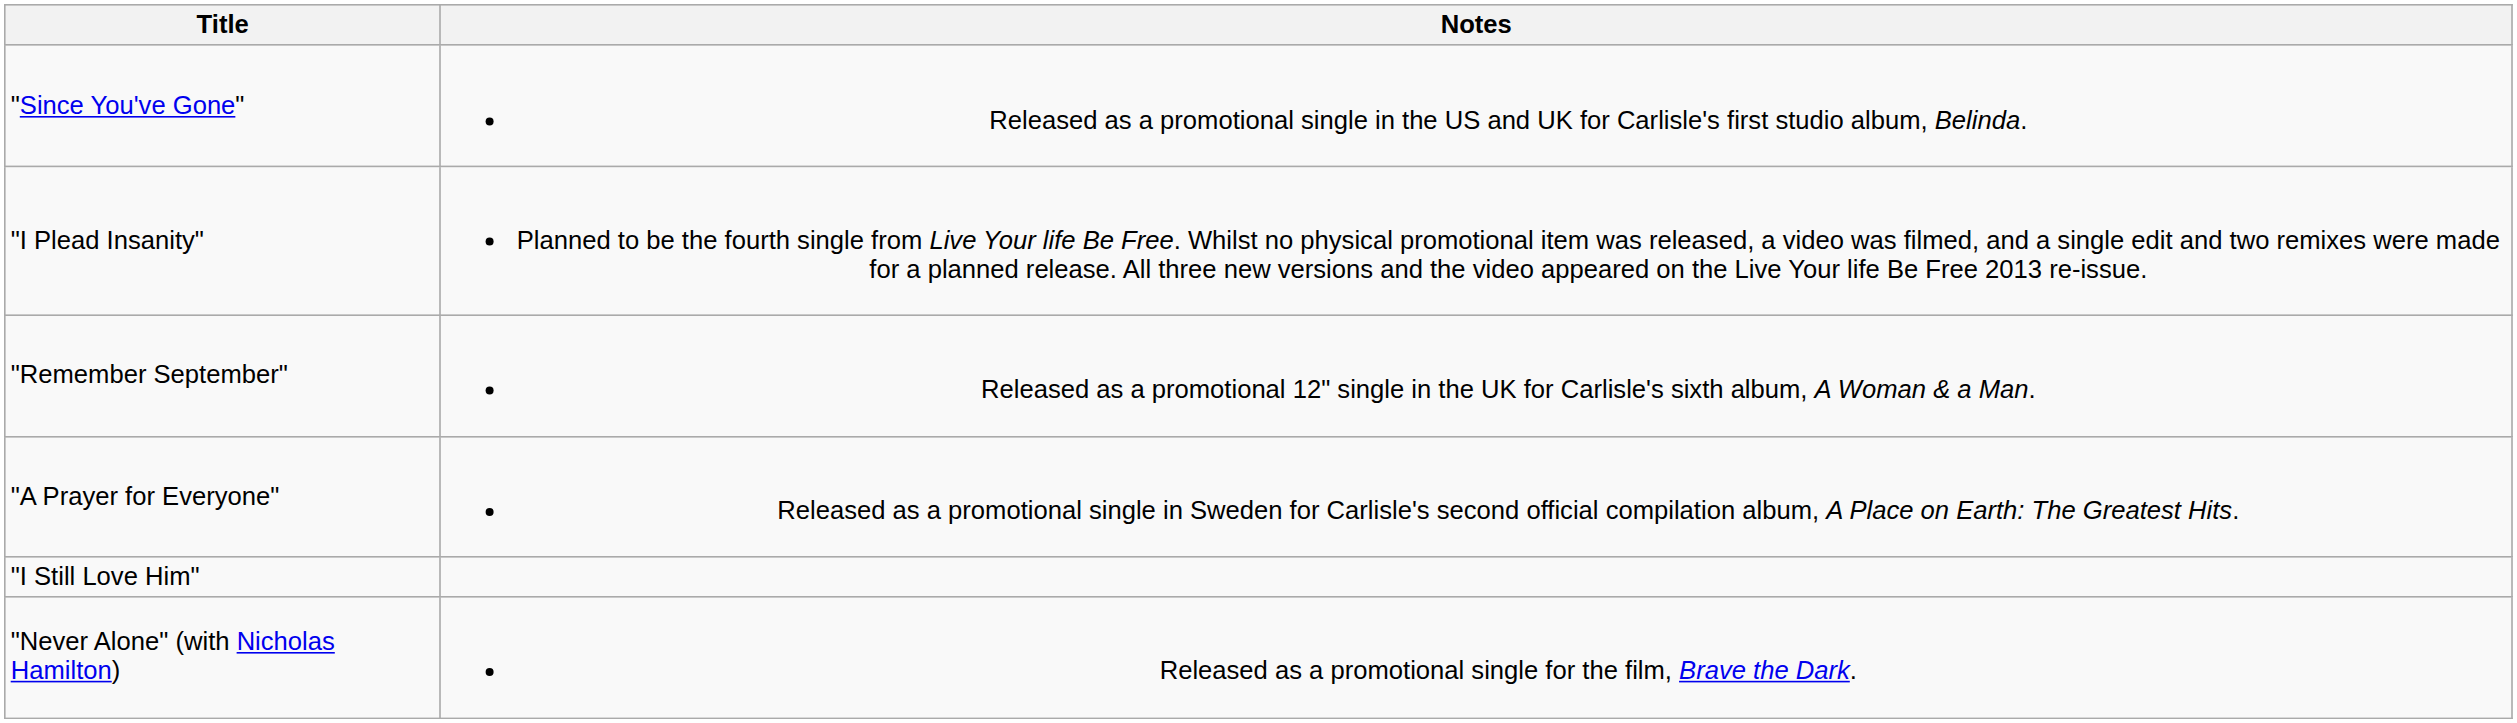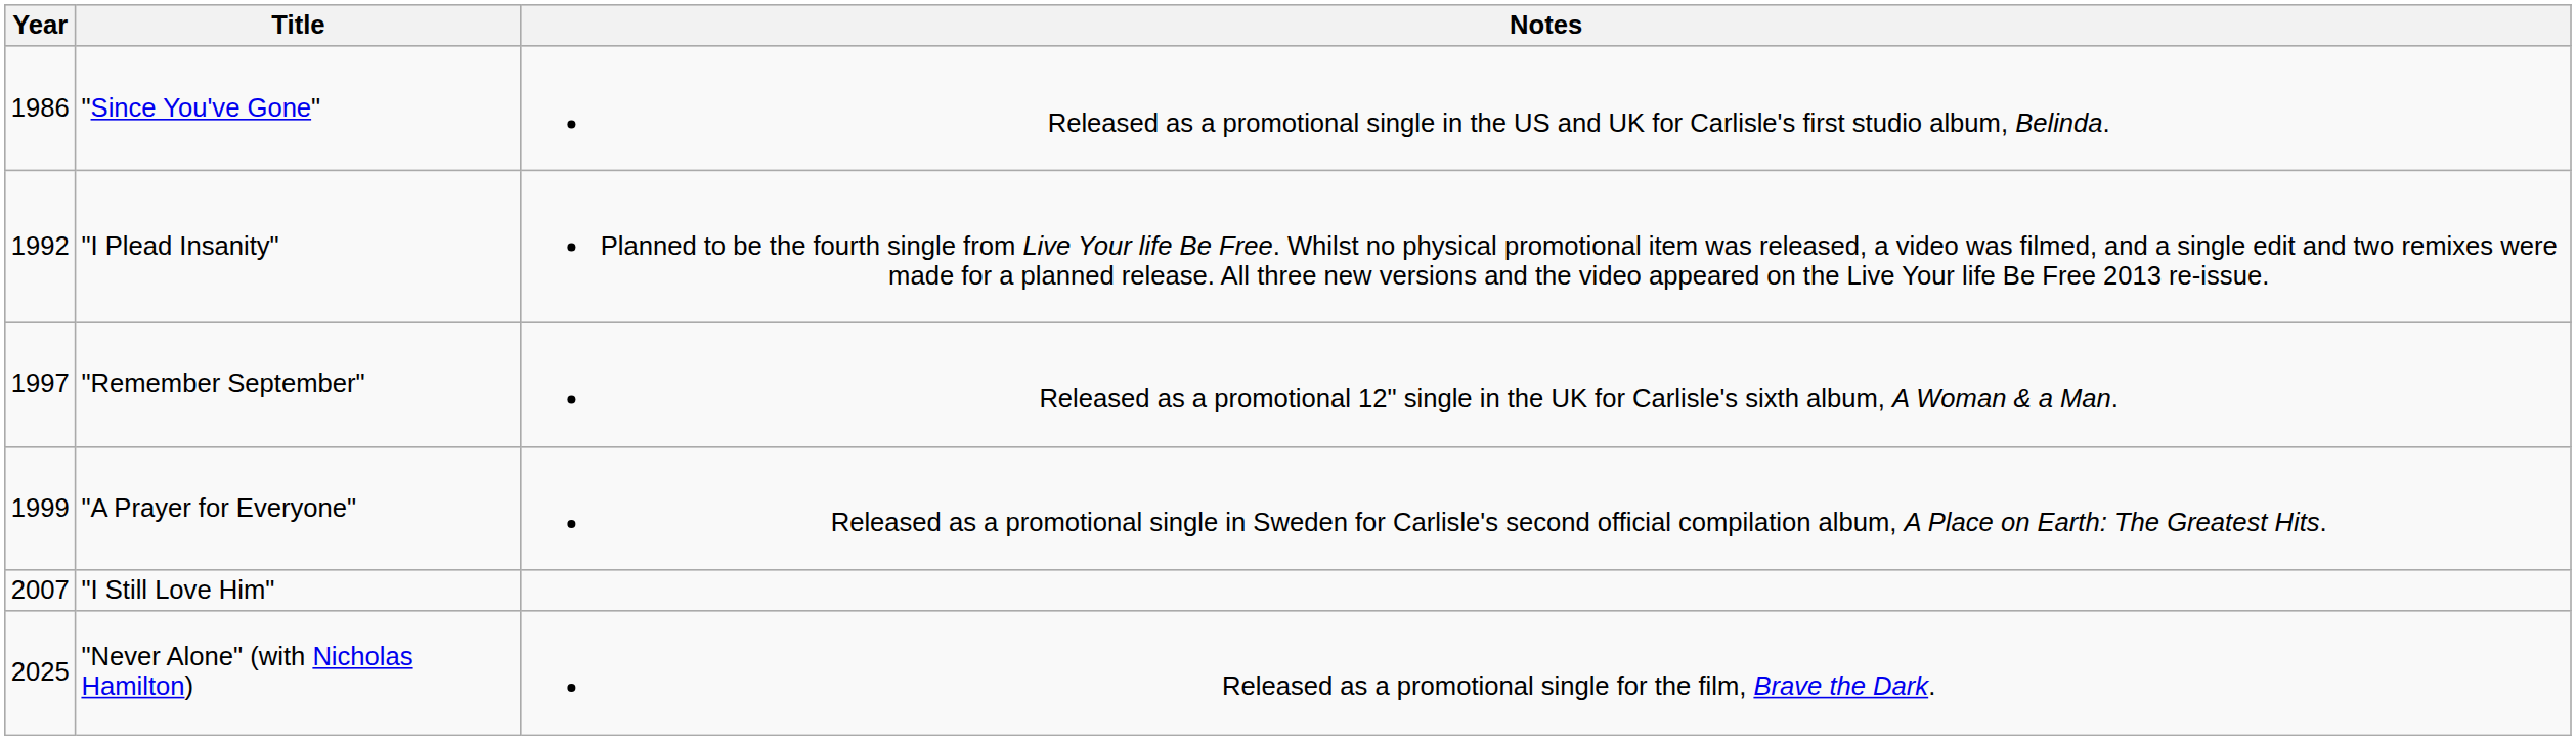 <table class="wikitable" style="text-align:center">
 <tr>
+<th>Year</th>
 <th width=265>Title</th>
 <th>Notes</th>
 </tr>
 <tr>
+<td>1986</td>
 <td align=left>"<a href='#'>Since You've Gone</a>"</td>
 <td><br><ul><li>Released as a promotional single in the US and UK for Carlisle's first studio album, <em>Belinda</em>.</li></ul></td>
 </tr>
 <tr>
+<td>1992</td>
 <td align=left>"I Plead Insanity"</td>
 <td><br><ul><li>Planned to be the fourth single from <em>Live Your life Be Free</em>. Whilst no physical promotional item was released, a video was filmed, and a single edit and two remixes were made for a planned release. All three new versions and the video appeared on the Live Your life Be Free 2013 re-issue.</li></ul></td>
 </tr>
 <tr>
+<td>1997</td>
 <td align=left>"Remember September"</td>
 <td><br><ul><li>Released as a promotional 12" single in the UK for Carlisle's sixth album, <em>A Woman & a Man</em>.</li></ul></td>
 </tr>
 <tr>
+<td>1999</td>
 <td align=left>"A Prayer for Everyone"</td>
 <td><br><ul><li>Released as a promotional single in Sweden for Carlisle's second official compilation album, <em>A Place on Earth: The Greatest Hits</em>.</li></ul></td>
 </tr>
 <tr>
+<td>2007</td>
 <td align=left>"I Still Love Him"</td>
 <td></td>
 </tr>
 <tr>
+<td>2025</td>
 <td align=left>"Never Alone" (with <a href='#'>Nicholas Hamilton</a>)</td>
 <td><br><ul><li>Released as a promotional single for the film, <em><a href='#'>Brave the Dark</a></em>.</li></ul></td>
 </tr>
 </table>
